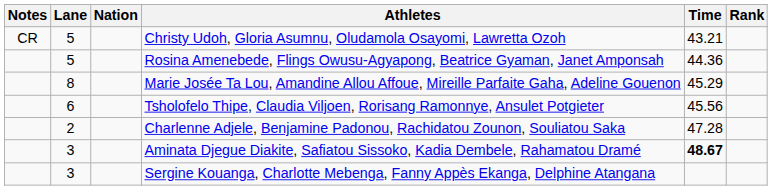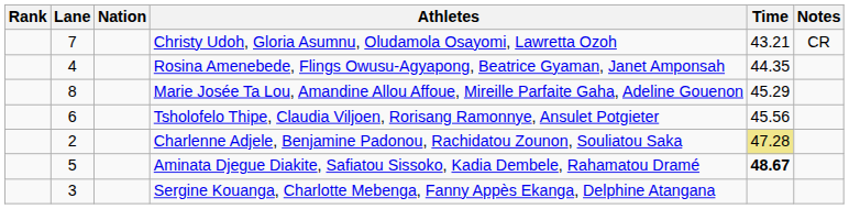 <table class="wikitable sortable" style="text-align:center">
 <tr>
-<th>Notes</th>
+<th>Rank</th>
 <th>Lane</th>
 <th>Nation</th>
 <th>Athletes</th>
 <th>Time</th>
-<th>Rank</th>
+<th>Notes</th>
 </tr>
 <tr>
-<td>CR</td>
-<td>5</td>
+<td></td>
+<td>7</td>
 <td align="left"></td>
 <td align="left"><a href='#'>Christy Udoh</a>, <a href='#'>Gloria Asumnu</a>, <a href='#'>Oludamola Osayomi</a>, <a href='#'>Lawretta Ozoh</a></td>
 <td>43.21</td>
-<td></td>
+<td>CR</td>
 </tr>
 <tr>
 <td></td>
-<td>5</td>
+<td>4</td>
 <td align="left"></td>
 <td align="left"><a href='#'>Rosina Amenebede</a>, <a href='#'>Flings Owusu-Agyapong</a>, <a href='#'>Beatrice Gyaman</a>, <a href='#'>Janet Amponsah</a></td>
-<td>44.36</td>
+<td>44.35</td>
 <td></td>
 </tr>
 <tr>
 <td></td>
 <td>8</td>
 <td align="left"></td>
 <td align="left"><a href='#'>Marie Josée Ta Lou</a>, <a href='#'>Amandine Allou Affoue</a>, <a href='#'>Mireille Parfaite Gaha</a>, <a href='#'>Adeline Gouenon</a></td>
 <td>45.29</td>
 <td></td>
 </tr>
 <tr>
 <td></td>
 <td>6</td>
 <td align="left"></td>
 <td align="left"><a href='#'>Tsholofelo Thipe</a>, <a href='#'>Claudia Viljoen</a>, <a href='#'>Rorisang Ramonnye</a>, <a href='#'>Ansulet Potgieter</a></td>
 <td>45.56</td>
 <td></td>
 </tr>
 <tr>
 <td></td>
 <td>2</td>
 <td align="left"></td>
 <td align="left"><a href='#'>Charlenne Adjele</a>, <a href='#'>Benjamine Padonou</a>, <a href='#'>Rachidatou Zounon</a>, <a href='#'>Souliatou Saka</a></td>
-<td>47.28</td>
+<td style="background: khaki;">47.28</td>
 <td></td>
 </tr>
 <tr>
 <td></td>
-<td>3</td>
+<td>5</td>
 <td align="left"></td>
 <td align="left"><a href='#'>Aminata Djegue Diakite</a>, <a href='#'>Safiatou Sissoko</a>, <a href='#'>Kadia Dembele</a>,  <a href='#'>Rahamatou Dramé</a></td>
 <td><strong>48.67</strong></td>
 <td></td>
 </tr>
 <tr>
 <td></td>
 <td>3</td>
 <td align="left"></td>
 <td align="left"><a href='#'>Sergine Kouanga</a>, <a href='#'>Charlotte Mebenga</a>, <a href='#'>Fanny Appès Ekanga</a>, <a href='#'>Delphine Atangana</a></td>
 <td></td>
 <td></td>
 </tr>
 </table>
